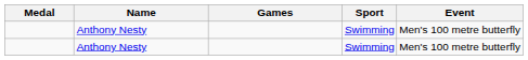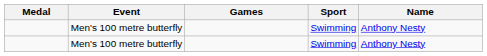 <table class="wikitable sortable">
 <tr>
 <th style="width:6em">Medal</th>
-<th style="width:12em">Name</th>
+<th>Event</th>
 <th style="width:12em">Games</th>
 <th>Sport</th>
-<th>Event</th>
+<th style="width:12em">Name</th>
 </tr>
 <tr>
 <td></td>
-<td><a href='#'>Anthony Nesty</a></td>
+<td>Men's 100 metre butterfly</td>
 <td></td>
 <td> <a href='#'>Swimming</a></td>
-<td>Men's 100 metre butterfly</td>
+<td><a href='#'>Anthony Nesty</a></td>
 </tr>
 <tr>
 <td></td>
-<td><a href='#'>Anthony Nesty</a></td>
+<td>Men's 100 metre butterfly</td>
 <td></td>
 <td> <a href='#'>Swimming</a></td>
-<td>Men's 100 metre butterfly</td>
+<td><a href='#'>Anthony Nesty</a></td>
 </tr>
 </table>
